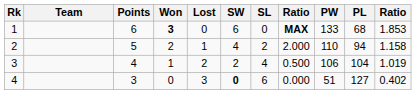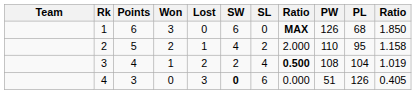 <table class=wikitable style=text-align:center>
 <tr>
+<th width=300>Team</th>
 <th width=25>Rk</th>
-<th width=300>Team</th>
 <th width=60>Points</th>
 <th width=60>Won</th>
 <th width=60>Lost</th>
 <th width=60>SW</th>
 <th width=60>SL</th>
 <th width=60>Ratio</th>
 <th width=60>PW</th>
 <th width=60>PL</th>
 <th width=60>Ratio</th>
 </tr>
 <tr>
+<td></td>
 <td>1</td>
-<td></td>
 <td>6</td>
-<td><strong>3</strong></td>
+<td>3</td>
 <td>0</td>
 <td>6</td>
 <td>0</td>
 <td><strong>MAX</strong></td>
-<td>133</td>
+<td>126</td>
 <td>68</td>
-<td>1.853</td>
+<td>1.850</td>
 </tr>
 <tr>
+<td></td>
 <td>2</td>
-<td></td>
 <td>5</td>
 <td>2</td>
 <td>1</td>
 <td>4</td>
 <td>2</td>
 <td>2.000</td>
 <td>110</td>
-<td>94</td>
+<td>95</td>
 <td>1.158</td>
 </tr>
 <tr>
+<td></td>
 <td>3</td>
-<td></td>
 <td>4</td>
 <td>1</td>
 <td>2</td>
 <td>2</td>
 <td>4</td>
-<td>0.500</td>
-<td>106</td>
+<td><strong>0.500</strong></td>
+<td>108</td>
 <td>104</td>
 <td>1.019</td>
 </tr>
 <tr>
+<td></td>
 <td>4</td>
-<td></td>
 <td>3</td>
 <td>0</td>
 <td>3</td>
 <td><strong>0</strong></td>
 <td>6</td>
 <td>0.000</td>
 <td>51</td>
-<td>127</td>
-<td>0.402</td>
+<td>126</td>
+<td>0.405</td>
 </tr>
 </table>
